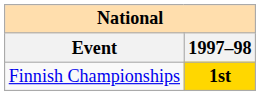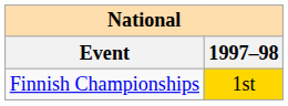 <table class="wikitable" style="text-align:center">
 <tr>
 <th style="background-color: #ffdead; " colspan=2 align=center>National</th>
 </tr>
 <tr>
 <th>Event</th>
 <th>1997–98</th>
 </tr>
 <tr>
 <td align=left><a href='#'>Finnish Championships</a></td>
-<td bgcolor=gold><strong>1st</strong></td>
+<td bgcolor=gold>1st</td>
 </tr>
 </table>
